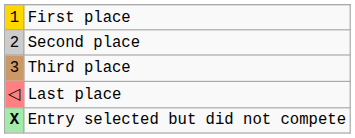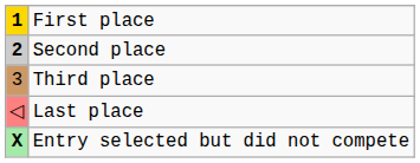 <table class="wikitable">
 <tr>
 </tr>
 <tr>
-<td style="text-align:center; background-color:#FFD700;">1</td>
+<td style="text-align:center; background-color:#FFD700;"><strong>1</strong></td>
 <td>First place</td>
 </tr>
 <tr>
-<td style="text-align:center; background-color:#CCC;">2</td>
+<td style="text-align:center; background-color:#CCC;"><strong>2</strong></td>
 <td>Second place</td>
 </tr>
 <tr>
 <td style="text-align:center; background-color:#C96;">3</td>
 <td>Third place</td>
 </tr>
 <tr>
 <td style="text-align:center; background-color:#FE8080;">◁</td>
 <td>Last place</td>
 </tr>
 <tr>
 <td style="text-align:center; background-color:#A4EAA9;"><strong>X</strong></td>
 <td>Entry selected but did not compete<br></td>
 </tr>
 </table>
